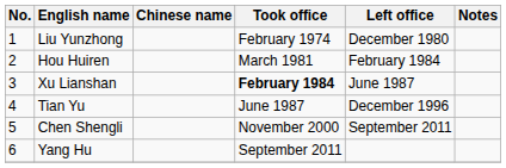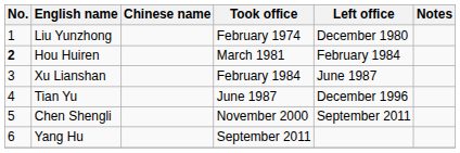 <table class="wikitable">
 <tr>
 <th>No.</th>
 <th>English name</th>
 <th>Chinese name</th>
 <th>Took office</th>
 <th>Left office</th>
 <th>Notes</th>
 </tr>
 <tr>
 <td>1</td>
 <td>Liu Yunzhong</td>
 <td></td>
 <td>February 1974</td>
 <td>December 1980</td>
 <td></td>
 </tr>
 <tr>
-<td>2</td>
+<td><strong>2</strong></td>
 <td>Hou Huiren</td>
 <td></td>
 <td>March 1981</td>
 <td>February 1984</td>
 <td></td>
 </tr>
 <tr>
 <td>3</td>
 <td>Xu Lianshan</td>
 <td></td>
-<td><strong>February 1984</strong></td>
+<td>February 1984</td>
 <td>June 1987</td>
 <td></td>
 </tr>
 <tr>
 <td>4</td>
 <td>Tian Yu</td>
 <td></td>
 <td>June 1987</td>
 <td>December 1996</td>
 <td></td>
 </tr>
 <tr>
 <td>5</td>
 <td>Chen Shengli</td>
 <td></td>
 <td>November 2000</td>
 <td>September 2011</td>
 <td></td>
 </tr>
 <tr>
 <td>6</td>
 <td>Yang Hu</td>
 <td></td>
 <td>September 2011</td>
 <td></td>
 <td></td>
 </tr>
 <tr>
 </tr>
 </table>
